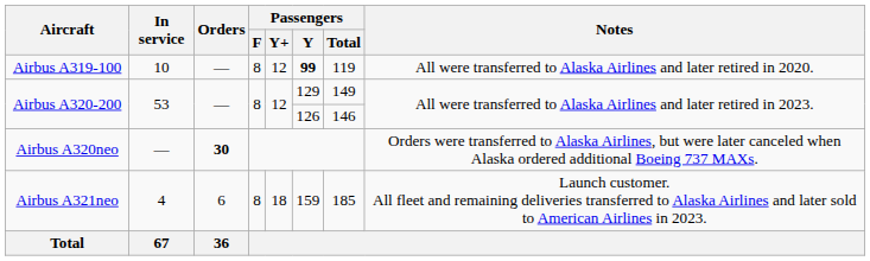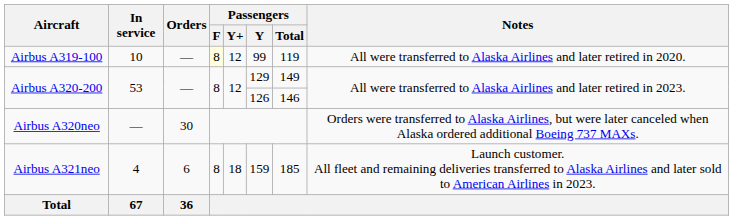 <table class="wikitable" style="text-align:center;margin:auto;">
 <tr>
 <th rowspan="2" style="width:120px;">Aircraft</th>
 <th rowspan="2">In service</th>
 <th rowspan="2">Orders</th>
 <th colspan="4">Passengers</th>
 <th rowspan="2">Notes</th>
 </tr>
 <tr>
 <th><abbr>F</abbr></th>
 <th><abbr>Y+</abbr></th>
 <th><abbr>Y</abbr></th>
 <th>Total</th>
 </tr>
 <tr>
 <td><a href='#'>Airbus A319-100</a></td>
 <td>10</td>
 <td>—</td>
-<td>8</td>
+<td style="background: lightyellow;">8</td>
 <td>12</td>
-<td><strong>99</strong></td>
+<td>99</td>
 <td>119</td>
 <td>All were transferred to <a href='#'>Alaska Airlines</a> and later retired in 2020.</td>
 </tr>
 <tr>
 <td rowspan="2"><a href='#'>Airbus A320-200</a></td>
 <td rowspan="2">53</td>
 <td rowspan="2">—</td>
 <td rowspan="2">8</td>
 <td rowspan="2">12</td>
 <td>129</td>
 <td>149</td>
 <td rowspan="2">All were transferred to <a href='#'>Alaska Airlines</a> and later retired in 2023.</td>
 </tr>
 <tr>
 <td>126</td>
 <td>146</td>
 </tr>
 <tr>
 <td><a href='#'>Airbus A320neo</a></td>
 <td>—</td>
-<td><strong>30</strong></td>
+<td>30</td>
 <td colspan="4" class="unsortable"><abbr></abbr></td>
 <td>Orders were transferred to <a href='#'>Alaska Airlines</a>, but were later canceled when Alaska ordered additional <a href='#'>Boeing 737 MAXs</a>.</td>
 </tr>
 <tr>
 <td><a href='#'>Airbus A321neo</a></td>
 <td>4</td>
 <td>6</td>
 <td>8</td>
 <td>18</td>
 <td>159</td>
 <td>185</td>
 <td>Launch customer.<br>All fleet and remaining deliveries transferred to <a href='#'>Alaska Airlines</a> and later sold to <a href='#'>American Airlines</a> in 2023.</td>
 </tr>
 <tr>
 <th>Total</th>
 <th>67</th>
 <th>36</th>
 <th colspan="5"></th>
 </tr>
 </table>
